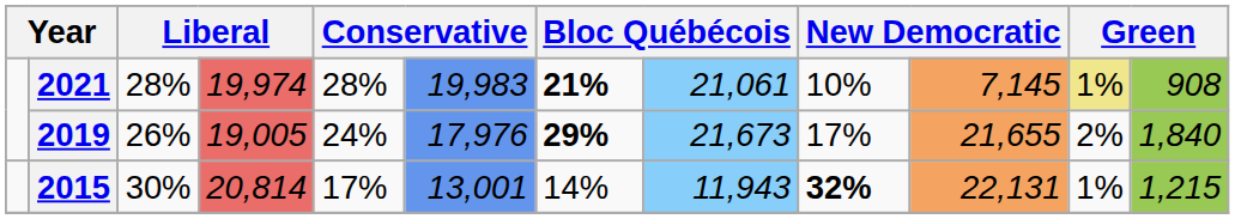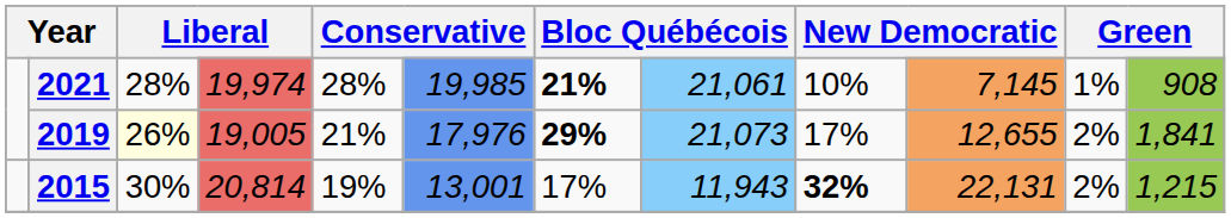 <table class="wikitable" style="width:400; font-size:90%;">
 <tr>
 <th colspan="2" scope="col">Year</th>
 <th colspan="2" scope="col"><a href='#'>Liberal</a></th>
 <th colspan="2" scope="col"><a href='#'>Conservative</a></th>
 <th colspan="2" scope="col"><a href='#'>Bloc Québécois</a></th>
 <th colspan="2" scope="col"><a href='#'>New Democratic</a></th>
 <th colspan="2" scope="col"><a href='#'>Green</a></th>
 </tr>
 <tr>
 <td rowspan="2" style="width: 0.25em; background-color: "></td>
 <th><a href='#'>2021</a></th>
 <td>28%</td>
 <td style="text-align:right; background:#EA6D6A;"><em>19,974</em></td>
 <td>28%</td>
-<td style="text-align:right; background:#6495ED;"><em>19,983</em></td>
+<td style="text-align:right; background:#6495ED;"><em>19,985</em></td>
 <td><strong>21%</strong></td>
 <td style="text-align:right; background:#87CEFA;"><em>21,061</em></td>
 <td>10%</td>
 <td style="text-align:right; background:#F4A460;"><em>7,145</em></td>
-<td style="background: khaki;">1%</td>
+<td>1%</td>
 <td style="text-align:right; background:#99C955;"><em>908</em></td>
 </tr>
 <tr>
 <th><a href='#'>2019</a></th>
-<td>26%</td>
+<td style="background: lightyellow;">26%</td>
 <td style="text-align:right; background:#EA6D6A;"><em>19,005</em></td>
-<td>24%</td>
+<td>21%</td>
 <td style="text-align:right; background:#6495ED;"><em>17,976</em></td>
 <td><strong>29%</strong></td>
-<td style="text-align:right; background:#87CEFA;"><em>21,673</em></td>
+<td style="text-align:right; background:#87CEFA;"><em>21,073</em></td>
 <td>17%</td>
-<td style="text-align:right; background:#F4A460;"><em>21,655</em></td>
+<td style="text-align:right; background:#F4A460;"><em>12,655</em></td>
 <td>2%</td>
-<td style="text-align:right; background:#99C955;"><em>1,840</em></td>
+<td style="text-align:right; background:#99C955;"><em>1,841</em></td>
 </tr>
 <tr>
 <td style="width: 0.25em; background-color: "></td>
 <th><a href='#'>2015</a></th>
 <td>30%</td>
 <td style="text-align:right; background:#EA6D6A;"><em>20,814</em></td>
+<td>19%</td>
+<td style="text-align:right; background:#6495ED;"><em>13,001</em></td>
 <td>17%</td>
-<td style="text-align:right; background:#6495ED;"><em>13,001</em></td>
-<td>14%</td>
 <td style="text-align:right; background:#87CEFA;"><em>11,943</em></td>
 <td><strong>32%</strong></td>
 <td style="text-align:right; background:#F4A460;"><em>22,131</em></td>
-<td>1%</td>
+<td>2%</td>
 <td style="text-align:right; background:#99C955;"><em>1,215</em></td>
 </tr>
 <tr>
 </tr>
 </table>
